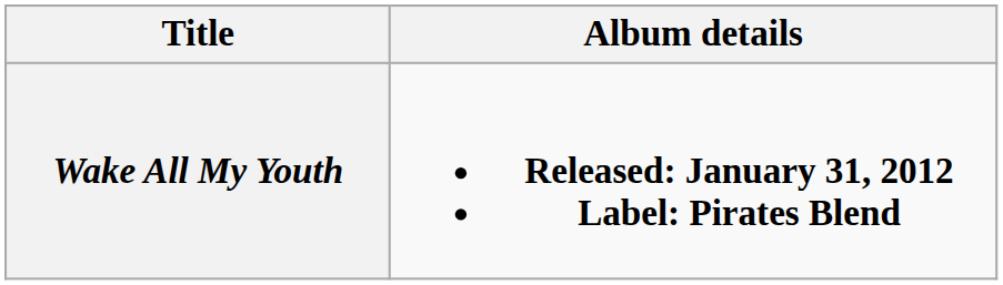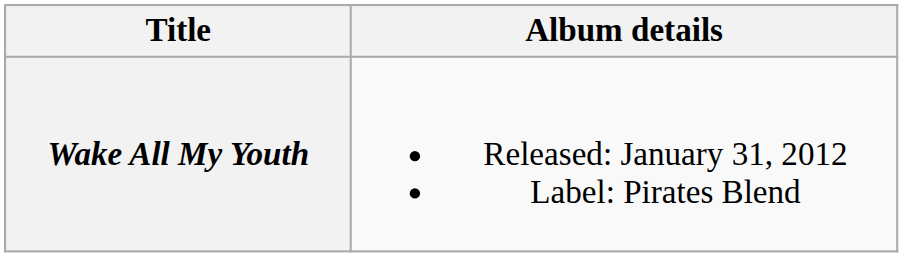 <table class="wikitable plainrowheaders" style="text-align:center;" border="1">
 <tr>
 <th scope="col" style="width:10em;">Title</th>
 <th scope="col" style="width:16em;">Album details</th>
 </tr>
 <tr>
 <th scope="row"><em>Wake All My Youth</em></th>
-<td><strong><br><ul><li>Released: January 31, 2012</li><li>Label: Pirates Blend</li></ul></strong></td>
+<td><br><ul><li>Released: January 31, 2012</li><li>Label: Pirates Blend</li></ul></td>
 </tr>
 </table>
